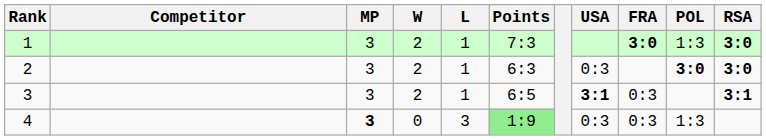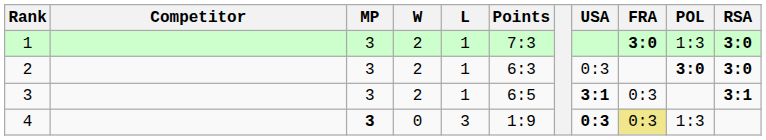 <table class="wikitable" style="text-align:center">
 <tr>
 <th>Rank</th>
 <th style="width:18em">Competitor</th>
 <th style="width:2.5em">MP</th>
 <th style="width:2.5em">W</th>
 <th style="width:2.5em">L</th>
 <th>Points</th>
 <th rowspan="5"> </th>
 <th style="width:2.5em">USA</th>
 <th style="width:2.5em">FRA</th>
 <th style="width:2.5em">POL</th>
 <th style="width:2.5em">RSA</th>
 </tr>
 <tr style="background:#cfc;">
 <td>1</td>
 <td style="text-align:left"></td>
 <td>3</td>
 <td>2</td>
 <td>1</td>
 <td>7:3</td>
 <td></td>
 <td><strong>3:0</strong></td>
 <td>1:3</td>
 <td><strong>3:0</strong></td>
 </tr>
 <tr>
 <td>2</td>
 <td style="text-align:left"></td>
 <td>3</td>
 <td>2</td>
 <td>1</td>
 <td>6:3</td>
 <td>0:3</td>
 <td></td>
 <td><strong>3:0</strong></td>
 <td><strong>3:0</strong></td>
 </tr>
 <tr>
 <td>3</td>
 <td style="text-align:left"></td>
 <td>3</td>
 <td>2</td>
 <td>1</td>
 <td>6:5</td>
 <td><strong>3:1</strong></td>
 <td>0:3</td>
 <td></td>
 <td><strong>3:1</strong></td>
 </tr>
 <tr>
 <td>4</td>
 <td style="text-align:left"></td>
 <td><strong>3</strong></td>
 <td>0</td>
 <td>3</td>
-<td style="background: lightgreen;">1:9</td>
-<td>0:3</td>
-<td>0:3</td>
+<td>1:9</td>
+<td><strong>0:3</strong></td>
+<td style="background: khaki;">0:3</td>
 <td>1:3</td>
 <td></td>
 </tr>
 </table>
